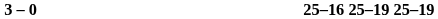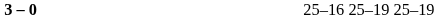 <table>
 <tr>
 <th width=200></th>
 <th width=80></th>
 <th width=200></th>
 <th width=220></th>
 </tr>
 <tr style=font-size:90%>
 <td align=right><strong></strong></td>
 <td align=center><strong>3 – 0</strong></td>
 <td></td>
-<td><strong>25–16 25–19 25–19</strong></td>
+<td>25–16 25–19 25–19</td>
 </tr>
 </table>
